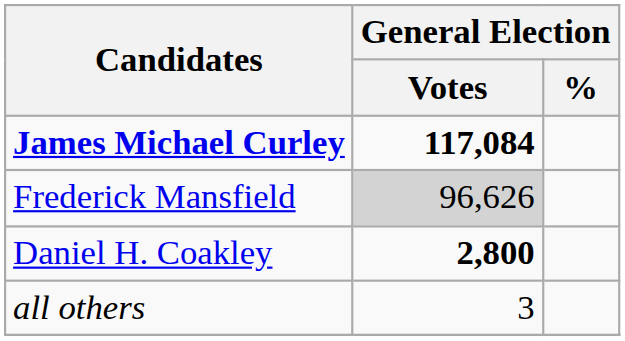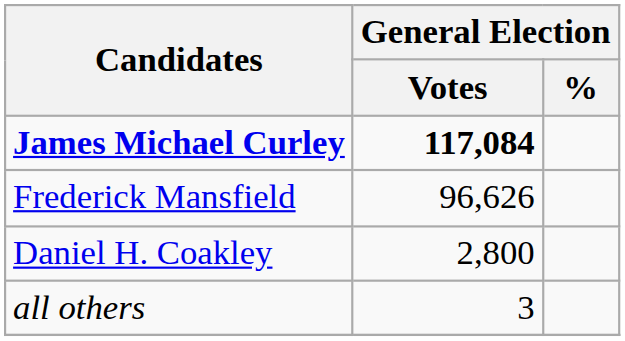 <table class=wikitable>
 <tr>
 <th colspan=1 rowspan=2><strong>Candidates</strong></th>
 <th colspan=2><strong>General Election</strong></th>
 </tr>
 <tr>
 <th>Votes</th>
 <th>%</th>
 </tr>
 <tr>
 <td><strong><a href='#'>James Michael Curley</a></strong></td>
 <td align="right"><strong>117,084</strong></td>
 <td align="right"><strong></strong></td>
 </tr>
 <tr>
 <td><a href='#'>Frederick Mansfield</a></td>
-<td align="right" style="background: lightgrey;">96,626</td>
+<td align="right">96,626</td>
 <td align="right"></td>
 </tr>
 <tr>
 <td><a href='#'>Daniel H. Coakley</a></td>
-<td align="right"><strong>2,800</strong></td>
+<td align="right">2,800</td>
 <td align="right"></td>
 </tr>
 <tr>
 <td><em>all others</em></td>
 <td align="right">3</td>
 <td align="right"></td>
 </tr>
 <tr>
 </tr>
 </table>
